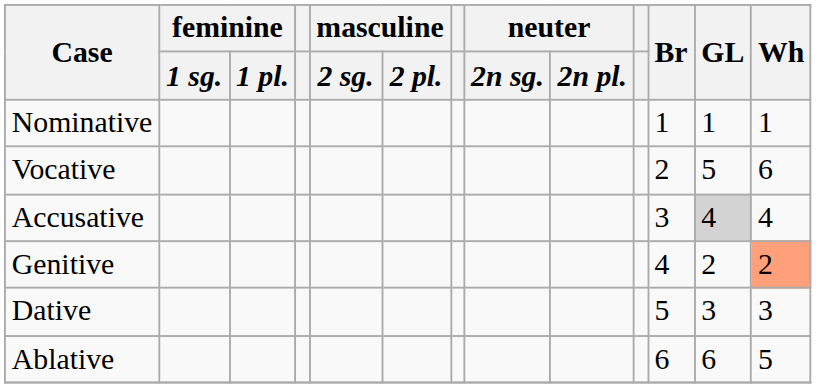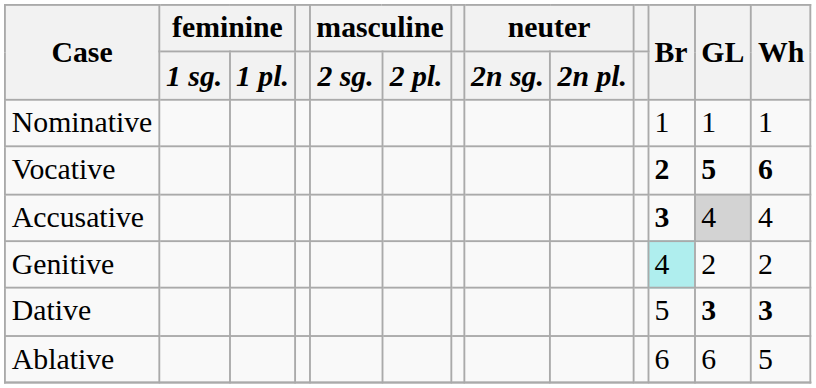 <table class="wikitable sortable">
 <tr>
 <th rowspan="2">Case</th>
 <th colspan="2">feminine</th>
 <th></th>
 <th colspan="2">masculine</th>
 <th></th>
 <th colspan="2">neuter</th>
 <th></th>
 <th rowspan="2">Br</th>
 <th rowspan="2">GL</th>
 <th rowspan="2">Wh</th>
 </tr>
 <tr>
 <th class="unsortable"><em>1 sg.</em></th>
 <th class="unsortable"><em>1 pl.</em></th>
 <th class="unsortable"></th>
 <th class="unsortable"><em>2 sg.</em></th>
 <th class="unsortable"><em>2 pl.</em></th>
 <th class="unsortable"></th>
 <th class="unsortable"><em>2n sg.</em></th>
 <th class="unsortable"><em>2n pl.</em></th>
 <th class="unsortable"></th>
 </tr>
 <tr>
 <td>Nominative</td>
 <td><strong></strong></td>
 <td><strong></strong></td>
 <td></td>
 <td><strong></strong></td>
 <td><strong></strong></td>
 <td></td>
 <td><strong></strong></td>
 <td><strong></strong></td>
 <td></td>
 <td>1</td>
 <td>1</td>
 <td>1</td>
 </tr>
 <tr>
 <td>Vocative</td>
 <td><strong></strong></td>
 <td><strong></strong></td>
 <td></td>
 <td><strong></strong></td>
 <td><strong></strong></td>
 <td></td>
 <td><strong></strong></td>
 <td><strong></strong></td>
 <td></td>
-<td>2</td>
-<td>5</td>
-<td>6</td>
+<td><strong>2</strong></td>
+<td><strong>5</strong></td>
+<td><strong>6</strong></td>
 </tr>
 <tr>
 <td>Accusative</td>
 <td><strong></strong></td>
 <td><strong></strong></td>
 <td></td>
 <td><strong></strong></td>
 <td><strong></strong></td>
 <td></td>
 <td><strong></strong></td>
 <td><strong></strong></td>
 <td></td>
-<td>3</td>
+<td><strong>3</strong></td>
 <td style="background: lightgrey;">4</td>
 <td>4</td>
 </tr>
 <tr>
 <td>Genitive</td>
 <td><strong></strong></td>
 <td><strong></strong></td>
 <td></td>
 <td><strong></strong></td>
 <td><strong></strong></td>
 <td></td>
 <td><strong></strong></td>
 <td><strong></strong></td>
 <td></td>
-<td>4</td>
+<td style="background: paleturquoise;">4</td>
 <td>2</td>
-<td style="background: lightsalmon;">2</td>
+<td>2</td>
 </tr>
 <tr>
 <td>Dative</td>
 <td><strong></strong></td>
 <td><strong></strong></td>
 <td></td>
 <td><strong></strong></td>
 <td><strong></strong></td>
 <td></td>
 <td><strong></strong></td>
 <td><strong></strong></td>
 <td></td>
 <td>5</td>
-<td>3</td>
-<td>3</td>
+<td><strong>3</strong></td>
+<td><strong>3</strong></td>
 </tr>
 <tr>
 <td>Ablative</td>
 <td><strong></strong></td>
 <td><strong></strong></td>
 <td></td>
 <td><strong></strong></td>
 <td><strong></strong></td>
 <td></td>
 <td><strong></strong></td>
 <td><strong></strong></td>
 <td></td>
 <td>6</td>
 <td>6</td>
 <td>5</td>
 </tr>
 <tr>
 </tr>
 </table>
